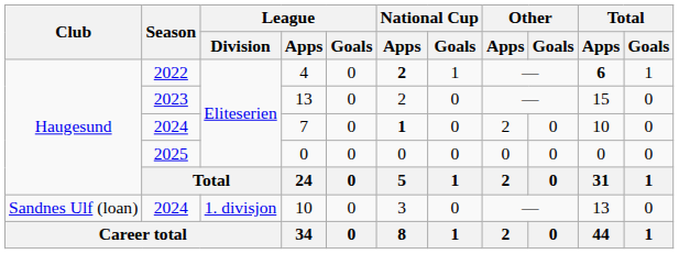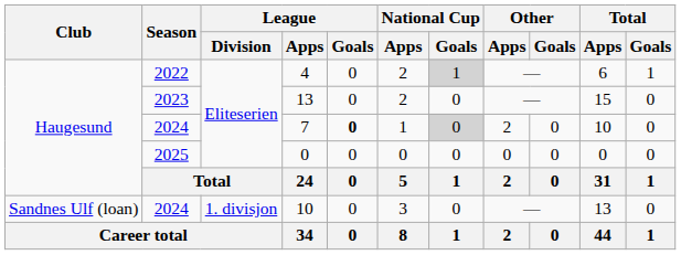 <table class="wikitable" style="text-align: center;">
 <tr>
 <th rowspan=2>Club</th>
 <th rowspan=2>Season</th>
 <th colspan=3>League</th>
 <th colspan=2>National Cup</th>
 <th colspan=2>Other</th>
 <th colspan=2>Total</th>
 </tr>
 <tr>
 <th>Division</th>
 <th>Apps</th>
 <th>Goals</th>
 <th>Apps</th>
 <th>Goals</th>
 <th>Apps</th>
 <th>Goals</th>
 <th>Apps</th>
 <th>Goals</th>
 </tr>
 <tr>
 <td rowspan=5><a href='#'>Haugesund</a></td>
 <td><a href='#'>2022</a></td>
 <td rowspan=4><a href='#'>Eliteserien</a></td>
 <td>4</td>
 <td>0</td>
-<td><strong>2</strong></td>
-<td>1</td>
+<td>2</td>
+<td style="background: lightgrey;">1</td>
 <td colspan=2>—</td>
-<td><strong>6</strong></td>
+<td>6</td>
 <td>1</td>
 </tr>
 <tr>
 <td><a href='#'>2023</a></td>
 <td>13</td>
 <td>0</td>
 <td>2</td>
 <td>0</td>
 <td colspan=2>—</td>
 <td>15</td>
 <td>0</td>
 </tr>
 <tr>
 <td><a href='#'>2024</a></td>
 <td>7</td>
-<td>0</td>
-<td><strong>1</strong></td>
-<td>0</td>
+<td><strong>0</strong></td>
+<td>1</td>
+<td style="background: lightgrey;">0</td>
 <td>2</td>
 <td>0</td>
 <td>10</td>
 <td>0</td>
 </tr>
 <tr>
 <td><a href='#'>2025</a></td>
 <td>0</td>
 <td>0</td>
 <td>0</td>
 <td>0</td>
 <td>0</td>
 <td>0</td>
 <td>0</td>
 <td>0</td>
 </tr>
 <tr>
 <th colspan=2>Total</th>
 <th>24</th>
 <th>0</th>
 <th>5</th>
 <th>1</th>
 <th>2</th>
 <th>0</th>
 <th>31</th>
 <th>1</th>
 </tr>
 <tr>
 <td><a href='#'>Sandnes Ulf</a> (loan)</td>
 <td><a href='#'>2024</a></td>
 <td><a href='#'>1. divisjon</a></td>
 <td>10</td>
 <td>0</td>
 <td>3</td>
 <td>0</td>
 <td colspan=2>—</td>
 <td>13</td>
 <td>0</td>
 </tr>
 <tr>
 <th colspan=3>Career total</th>
 <th>34</th>
 <th>0</th>
 <th>8</th>
 <th>1</th>
 <th>2</th>
 <th>0</th>
 <th>44</th>
 <th>1</th>
 </tr>
 </table>
